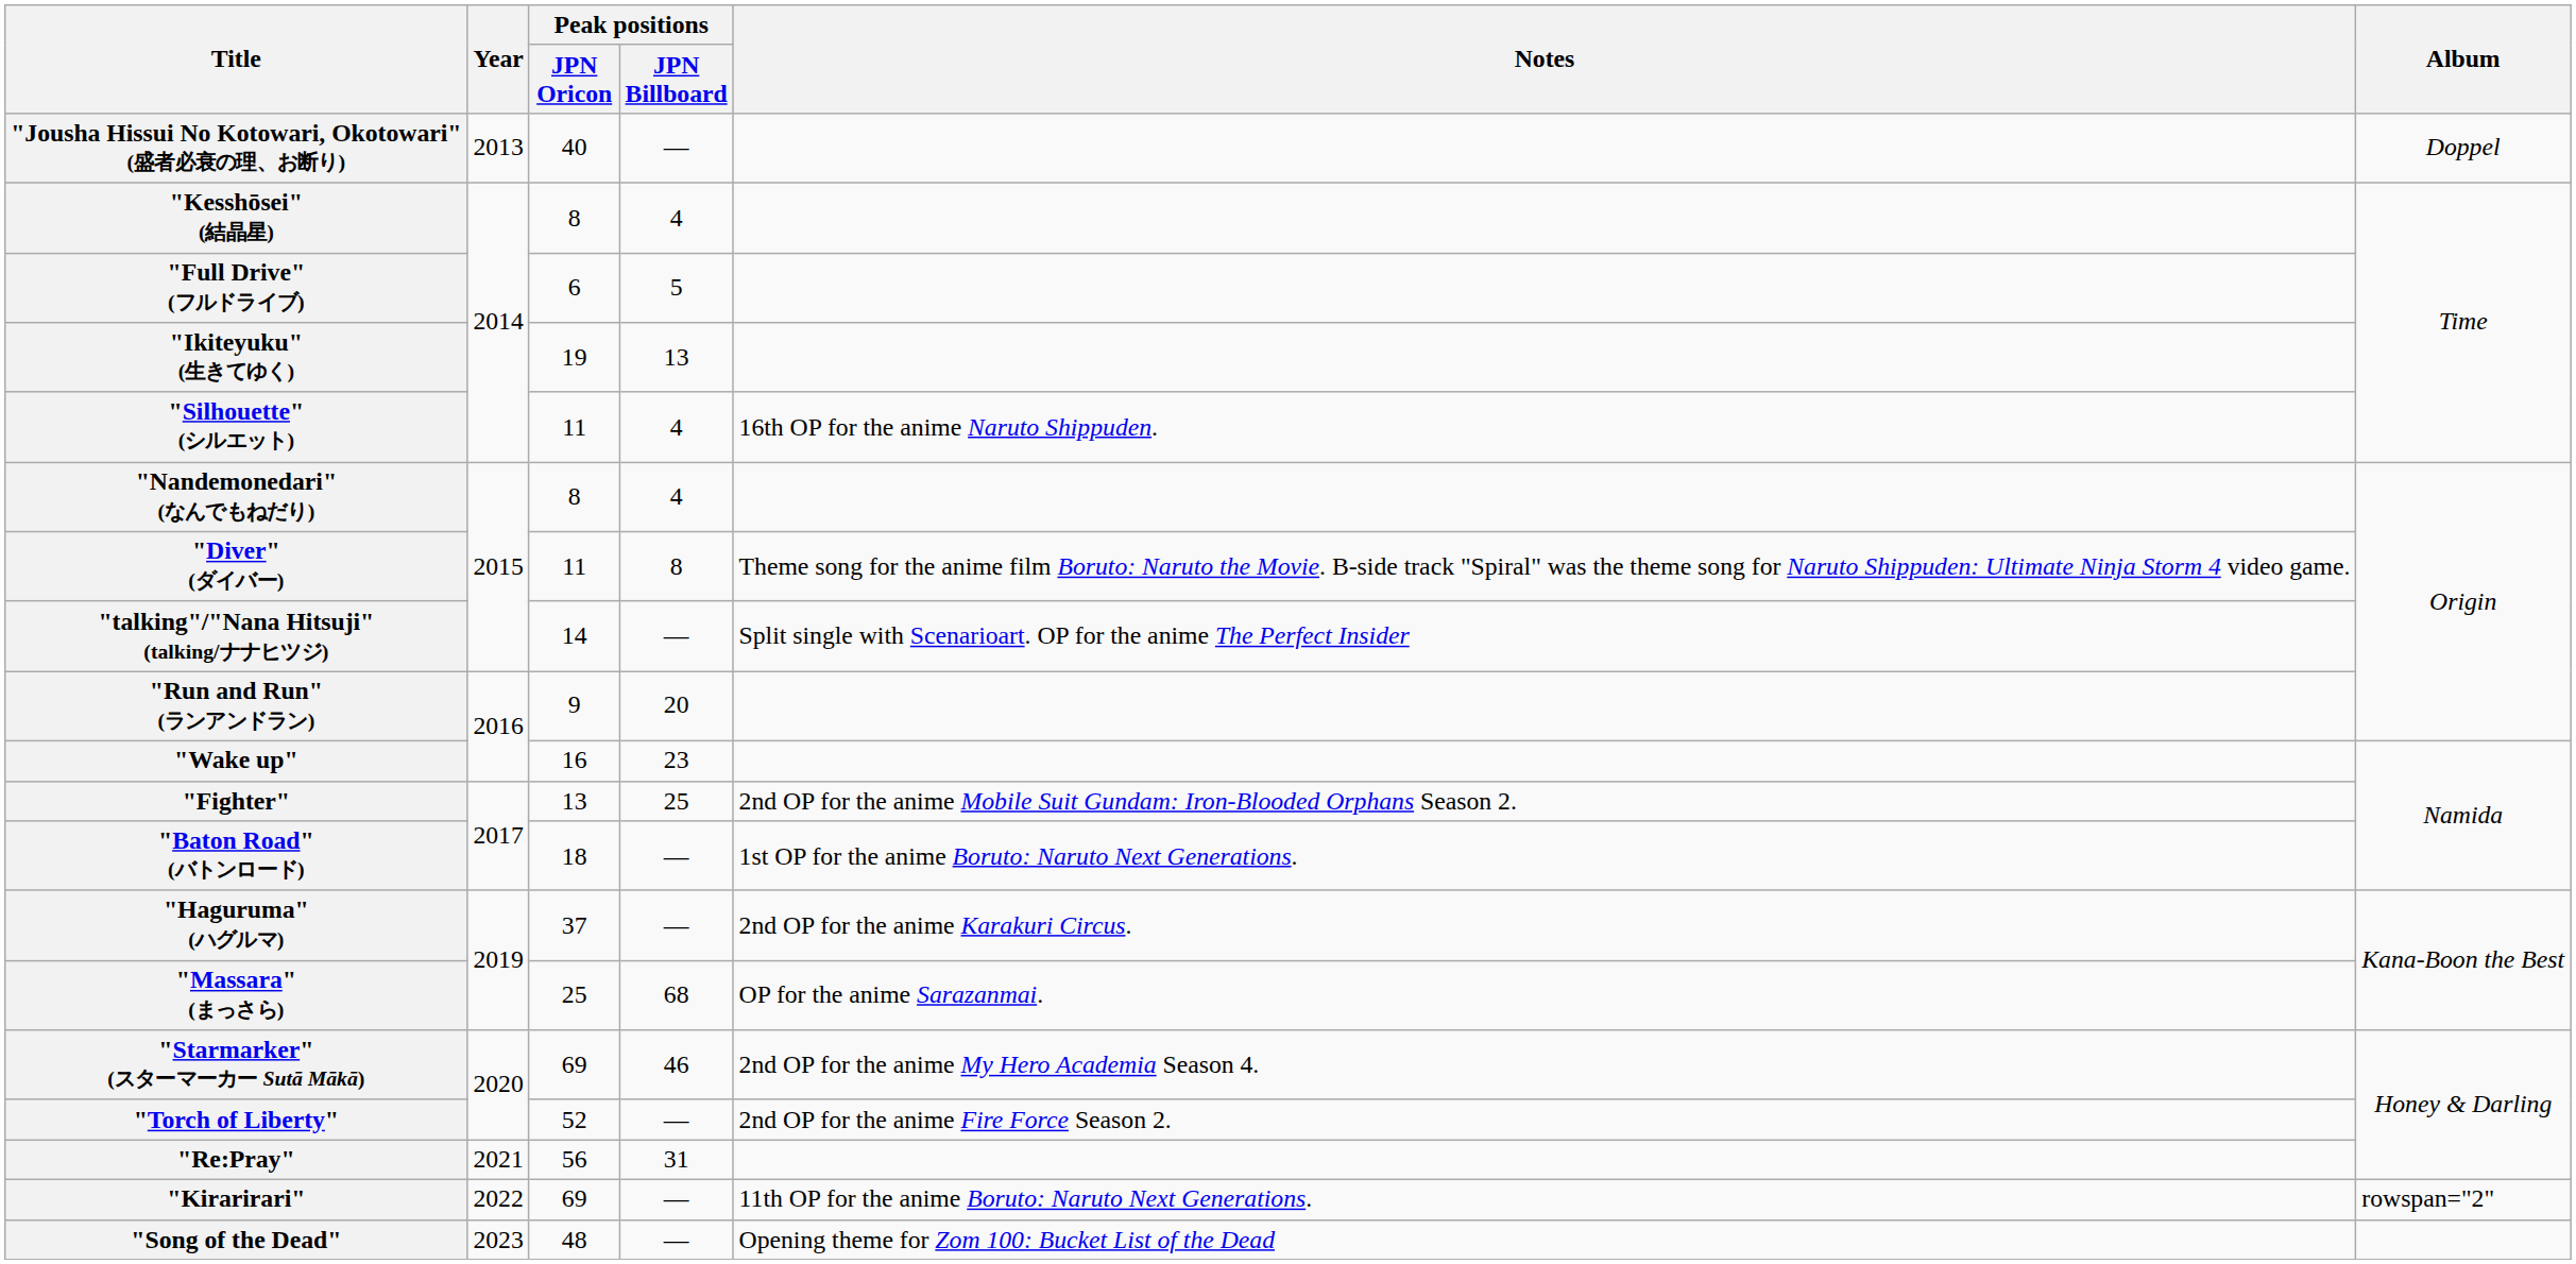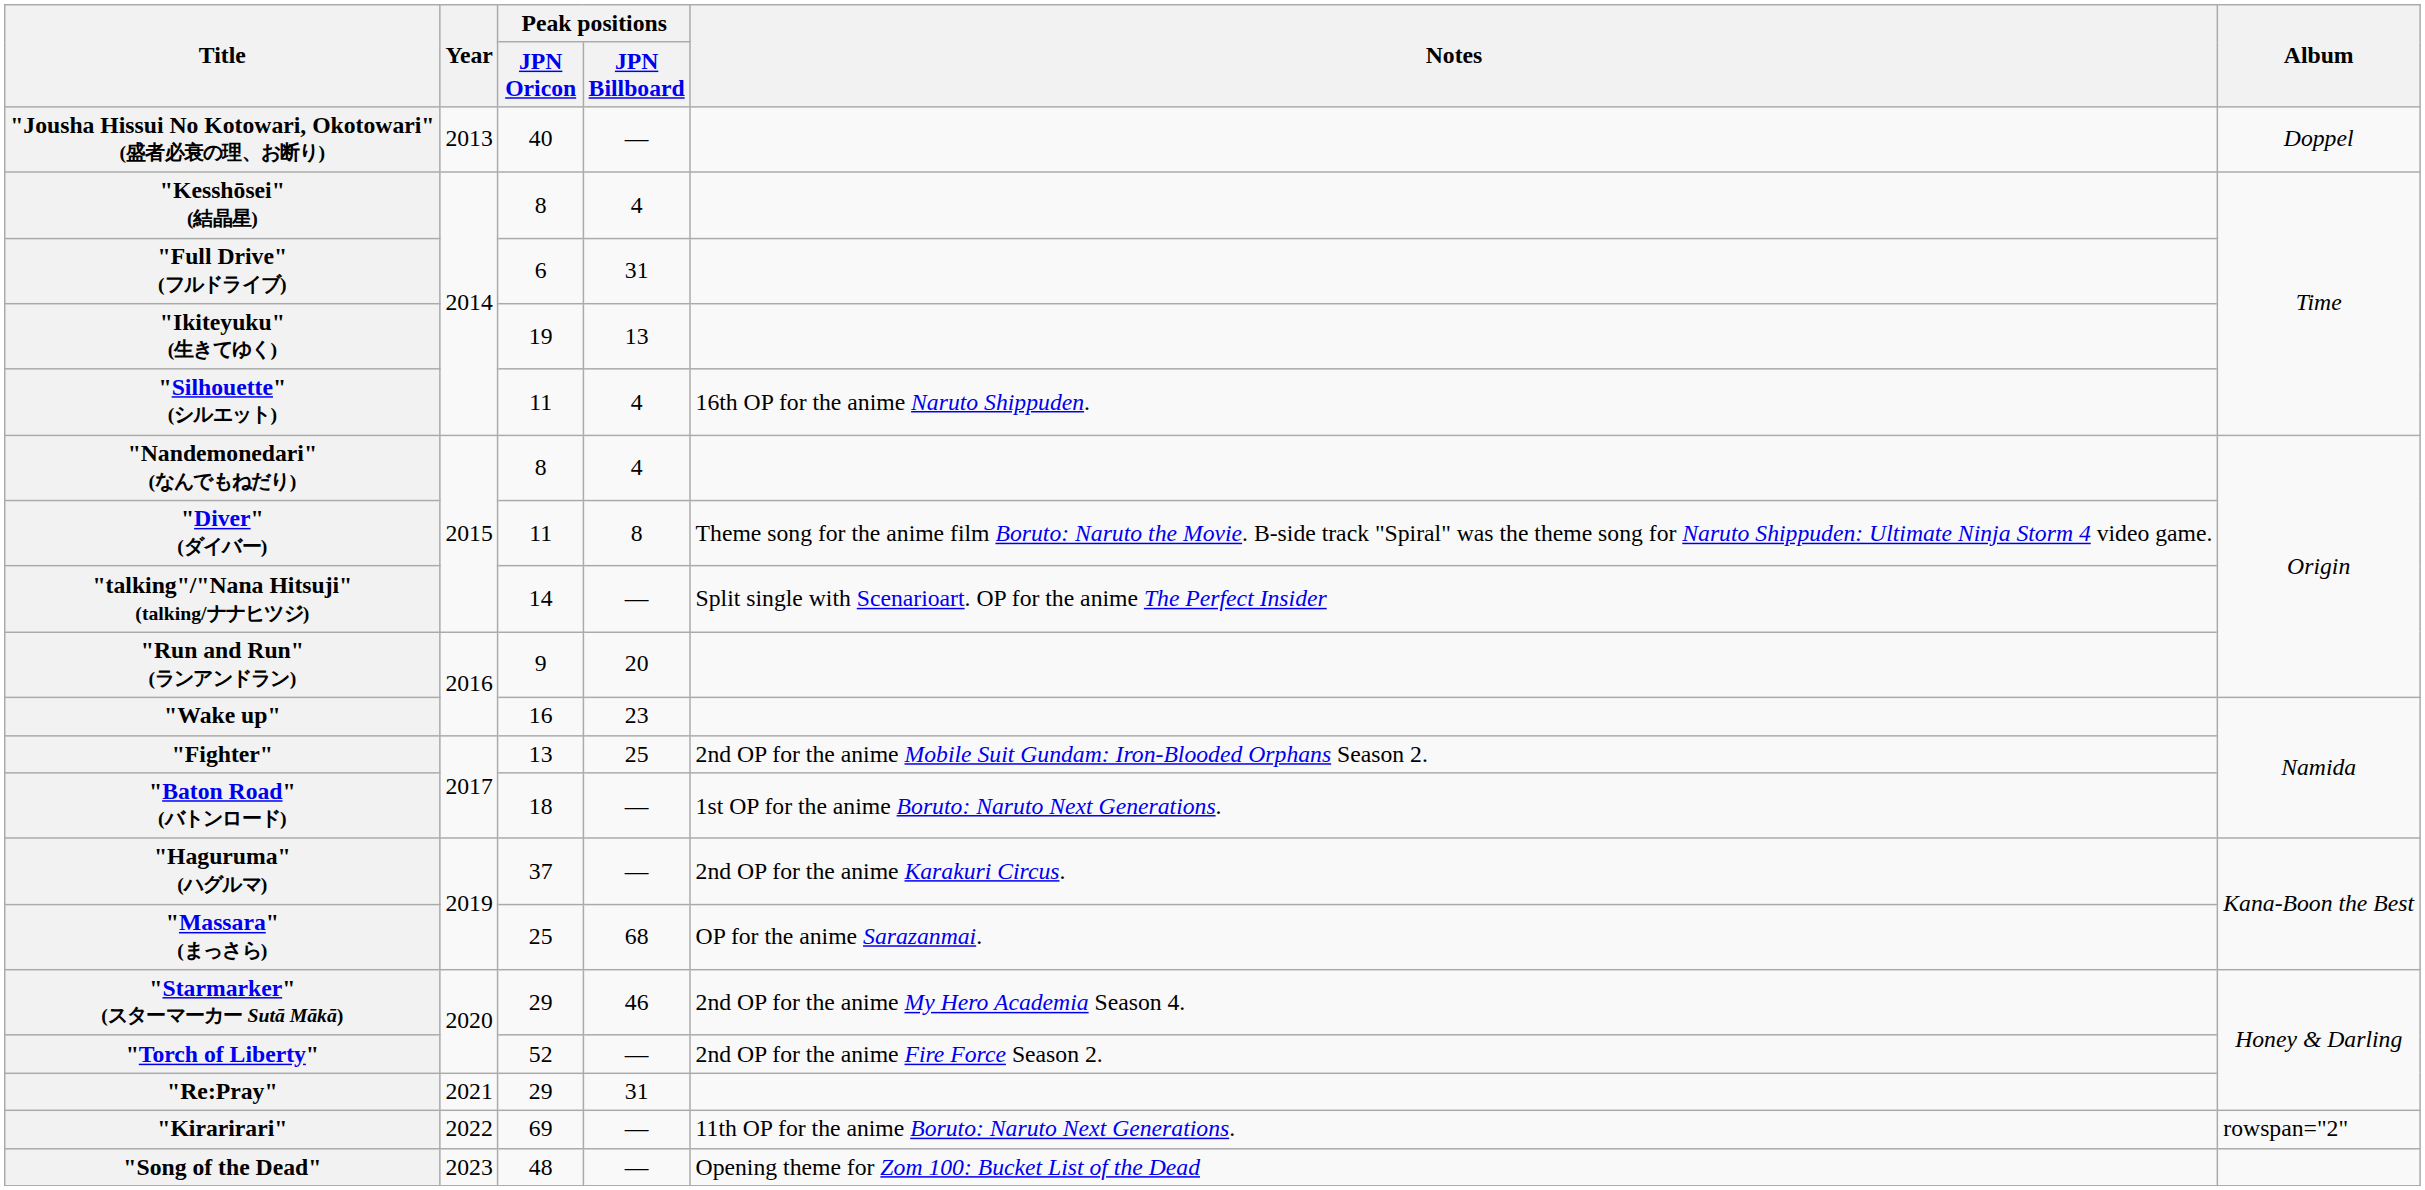 <table class="wikitable plainrowheaders">
 <tr>
 <th scope="col" rowspan="2">Title</th>
 <th scope="col" rowspan="2">Year</th>
 <th scope="col" colspan="2">Peak positions</th>
 <th scope="col" rowspan="2">Notes</th>
 <th scope="col" rowspan="2">Album</th>
 </tr>
 <tr>
 <th style="width:50px;" scope="col"><a href='#'>JPN<br>Oricon</a><br></th>
 <th style="width:50px;" scope="col"><a href='#'>JPN<br>Billboard</a><br></th>
 </tr>
 <tr>
 <th scope="row">"Jousha Hissui No Kotowari, Okotowari" <br><small>(盛者必衰の理、お断り)</small></th>
 <td align="center">2013</td>
 <td align="center">40</td>
 <td align="center">—</td>
 <td></td>
 <td align="center"><em>Doppel</em></td>
 </tr>
 <tr>
 <th scope="row">"Kesshōsei" <br><small>(結晶星)</small></th>
 <td rowspan="4" align="center">2014</td>
 <td align="center">8</td>
 <td align="center">4</td>
 <td></td>
 <td rowspan="4" align="center"><em>Time</em></td>
 </tr>
 <tr>
 <th scope="row">"Full Drive" <br><small>(フルドライブ)</small></th>
 <td align="center">6</td>
-<td align="center">5</td>
+<td align="center">31</td>
 <td></td>
 </tr>
 <tr>
 <th scope="row">"Ikiteyuku" <br><small>(生きてゆく)</small></th>
 <td align="center">19</td>
 <td align="center">13</td>
 <td></td>
 </tr>
 <tr>
 <th scope="row">"<a href='#'>Silhouette</a>" <br><small>(シルエット)</small></th>
 <td align="center">11</td>
 <td align="center">4</td>
 <td>16th OP for the anime <em><a href='#'>Naruto Shippuden</a></em>.</td>
 </tr>
 <tr>
 <th scope="row">"Nandemonedari" <br><small>(なんでもねだり)</small></th>
 <td rowspan="3" align="center">2015</td>
 <td align="center">8</td>
 <td align="center">4</td>
 <td></td>
 <td rowspan="4" align="center"><em>Origin</em></td>
 </tr>
 <tr>
 <th scope="row">"<a href='#'>Diver</a>" <br><small>(ダイバー)</small></th>
 <td align="center">11</td>
 <td align="center">8</td>
 <td>Theme song for the anime film <em><a href='#'>Boruto: Naruto the Movie</a></em>. B-side track "Spiral" was the theme song for <em><a href='#'>Naruto Shippuden: Ultimate Ninja Storm 4</a></em> video game.</td>
 </tr>
 <tr>
 <th scope="row">"talking"/"Nana Hitsuji" <br><small>(talking/ナナヒツジ)</small></th>
 <td align="center">14</td>
 <td align="center">—</td>
 <td>Split single with <a href='#'>Scenarioart</a>. OP for the anime <em><a href='#'>The Perfect Insider</a></em></td>
 </tr>
 <tr>
 <th scope="row">"Run and Run" <br><small>(ランアンドラン)</small></th>
 <td rowspan="2" align="center">2016</td>
 <td align="center">9</td>
 <td align="center">20</td>
 <td></td>
 </tr>
 <tr>
 <th scope="row">"Wake up"</th>
 <td align="center">16</td>
 <td align="center">23</td>
 <td></td>
 <td rowspan="3" align="center"><em>Namida</em></td>
 </tr>
 <tr>
 <th scope="row">"Fighter"</th>
 <td rowspan="2" align="center">2017</td>
 <td align="center">13</td>
 <td align="center">25</td>
 <td>2nd OP for the anime <em><a href='#'>Mobile Suit Gundam: Iron-Blooded Orphans</a></em> Season 2.</td>
 </tr>
 <tr>
 <th scope="row">"<a href='#'>Baton Road</a>" <br><small>(バトンロード)</small></th>
 <td align="center">18</td>
 <td align="center">—</td>
 <td>1st OP for the anime <em><a href='#'>Boruto: Naruto Next Generations</a></em>.</td>
 </tr>
 <tr>
 <th scope="row">"Haguruma" <br><small>(ハグルマ)</small></th>
 <td rowspan="2" align="center">2019</td>
 <td align="center">37</td>
 <td align="center">—</td>
 <td>2nd OP for the anime <em><a href='#'>Karakuri Circus</a></em>.</td>
 <td rowspan="2" align="center"><em>Kana-Boon the Best</em></td>
 </tr>
 <tr>
 <th scope="row">"<a href='#'>Massara</a>" <br><small>(まっさら)</small></th>
 <td align="center">25</td>
 <td align="center">68</td>
 <td>OP for the anime <em><a href='#'>Sarazanmai</a></em>.</td>
 </tr>
 <tr>
 <th scope="row">"<a href='#'>Starmarker</a>" <br><small>(スターマーカー <em>Sutā Mākā</em>)</small></th>
 <td rowspan="2" align="center">2020</td>
-<td align="center">69</td>
+<td align="center">29</td>
 <td align="center">46</td>
 <td>2nd OP for the anime <em><a href='#'>My Hero Academia</a></em> Season 4.</td>
 <td rowspan="3" align="center"><em>Honey & Darling</em></td>
 </tr>
 <tr>
 <th scope="row">"<a href='#'>Torch of Liberty</a>"</th>
 <td align="center">52</td>
 <td align="center">—</td>
 <td>2nd OP for the anime <em><a href='#'>Fire Force</a></em> Season 2.</td>
 </tr>
 <tr>
 <th scope="row">"Re:Pray"</th>
 <td rowspan="1" align="center">2021</td>
-<td align="center">56</td>
+<td align="center">29</td>
 <td align="center">31</td>
 <td></td>
 </tr>
 <tr>
 <th scope="row">"Kirarirari" <br></th>
 <td>2022</td>
 <td align="center">69</td>
 <td align="center">—</td>
 <td>11th OP for the anime <em><a href='#'>Boruto: Naruto Next Generations</a></em>.</td>
 <td>rowspan="2" </td>
 </tr>
 <tr>
 <th scope="row">"Song of the Dead"<br></th>
 <td>2023</td>
 <td align="center">48</td>
 <td align="center">—</td>
 <td>Opening theme for <em><a href='#'>Zom 100: Bucket List of the Dead</a></em></td>
 </tr>
 </table>
